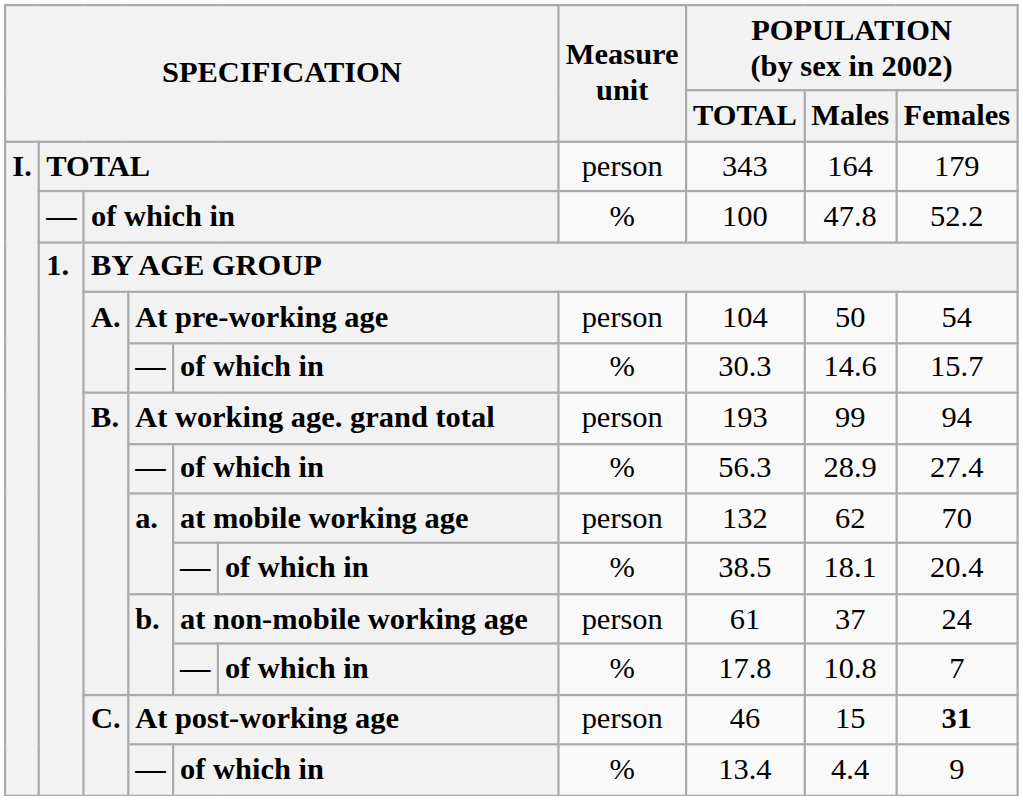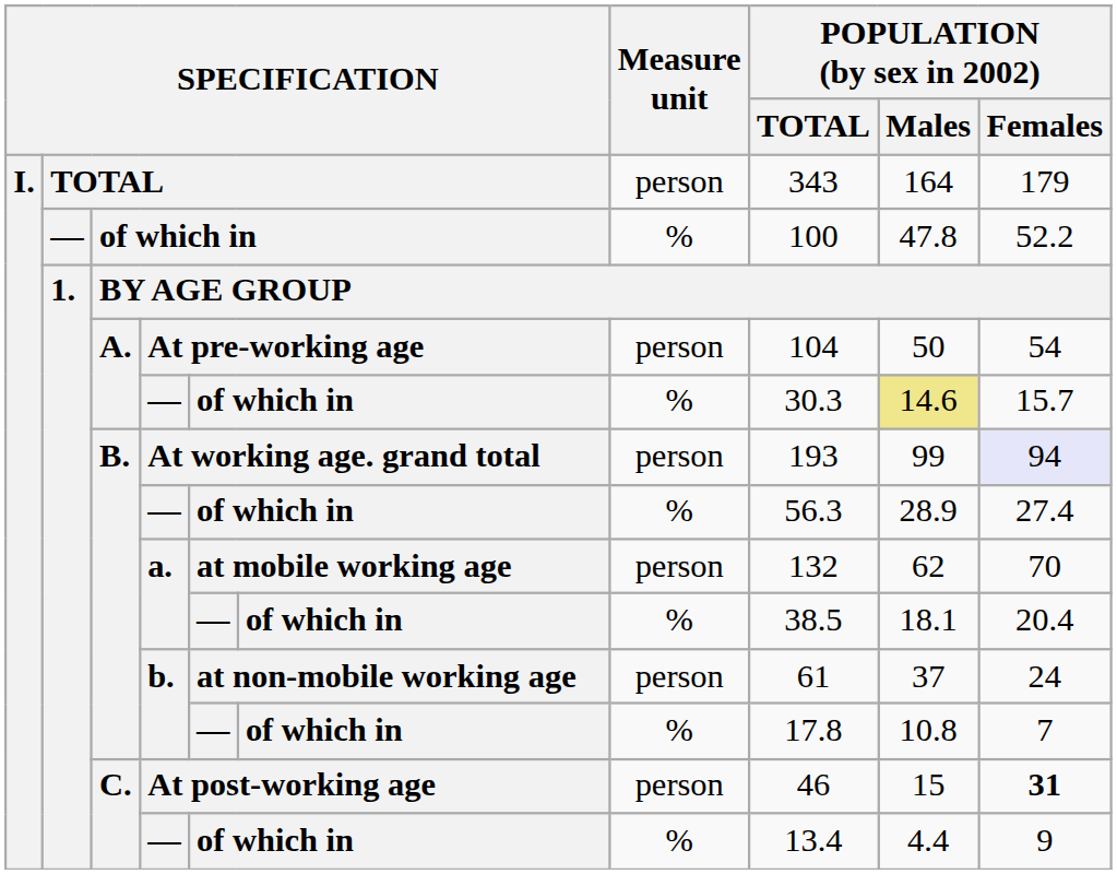 <table class="wikitable" style="font-size:85%; text-align:center">
 <tr>
 <th rowspan="2" colspan="6">SPECIFICATION</th>
 <th rowspan="2">Measure<br> unit</th>
 <th colspan="3" rowspan="1">POPULATION<br> (by sex in 2002)</th>
 </tr>
 <tr>
 <th>TOTAL</th>
 <th>Males</th>
 <th>Females</th>
 </tr>
 <tr>
 <th style="text-align:left" valign="top" rowspan="13">I.</th>
 <th style="text-align:left" colspan="5">TOTAL</th>
 <td>person</td>
 <td>343</td>
 <td>164</td>
 <td>179</td>
 </tr>
 <tr>
 <th style="text-align:left" valign="top">—</th>
 <th style="text-align:left" colspan="4">of which in</th>
 <td>%</td>
 <td>100</td>
 <td>47.8</td>
 <td>52.2</td>
 </tr>
 <tr>
 <th style="text-align:left" valign="top" rowspan="11">1.</th>
 <th style="text-align:left" colspan="19">BY AGE GROUP</th>
 </tr>
 <tr>
 <th style="text-align:left" valign="top" rowspan="2">A.</th>
 <th style="text-align:left" colspan="3">At pre-working age</th>
 <td>person</td>
 <td>104</td>
 <td>50</td>
 <td>54</td>
 </tr>
 <tr>
 <th style="text-align:left" valign="top">—</th>
 <th style="text-align:left" valign="top" colspan="2">of which in</th>
 <td>%</td>
 <td>30.3</td>
-<td>14.6</td>
+<td style="background: khaki;">14.6</td>
 <td>15.7</td>
 </tr>
 <tr>
 <th style="text-align:left" valign="top" rowspan="6">B.</th>
 <th style="text-align:left" colspan="3">At working age. grand total</th>
 <td>person</td>
 <td>193</td>
 <td>99</td>
-<td>94</td>
+<td style="background: lavender;">94</td>
 </tr>
 <tr>
 <th style="text-align:left" valign="top">—</th>
 <th style="text-align:left" valign="top" colspan="2">of which in</th>
 <td>%</td>
 <td>56.3</td>
 <td>28.9</td>
 <td>27.4</td>
 </tr>
 <tr>
 <th style="text-align:left" valign="top" rowspan="2">a.</th>
 <th style="text-align:left" colspan="2">at mobile working age</th>
 <td>person</td>
 <td>132</td>
 <td>62</td>
 <td>70</td>
 </tr>
 <tr>
 <th style="text-align:left" valign="top">—</th>
 <th style="text-align:left" valign="top" colspan="1">of which in                        </th>
 <td>%</td>
 <td>38.5</td>
 <td>18.1</td>
 <td>20.4</td>
 </tr>
 <tr>
 <th style="text-align:left" valign="top" rowspan="2">b.</th>
 <th style="text-align:left" colspan="2">at non-mobile working age</th>
 <td>person</td>
 <td>61</td>
 <td>37</td>
 <td>24</td>
 </tr>
 <tr>
 <th style="text-align:left" valign="top">—</th>
 <th style="text-align:left" valign="top" colspan="1">of which in                        </th>
 <td>%</td>
 <td>17.8</td>
 <td>10.8</td>
 <td>7</td>
 </tr>
 <tr>
 <th style="text-align:left" valign="top" rowspan="2">C.</th>
 <th style="text-align:left" colspan="3">At post-working age</th>
 <td>person</td>
 <td>46</td>
 <td>15</td>
 <td><strong>31</strong></td>
 </tr>
 <tr>
 <th style="text-align:left" valign="top">—</th>
 <th style="text-align:left" valign="top" colspan="2">of which in</th>
 <td>%</td>
 <td>13.4</td>
 <td>4.4</td>
 <td>9</td>
 </tr>
 </table>
